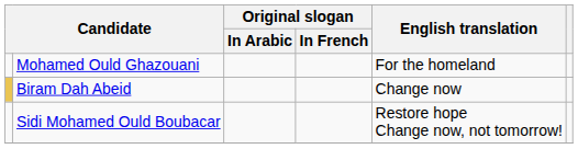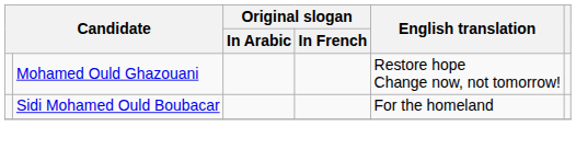 <table class="wikitable" style="text-align:left;">
 <tr>
 <th rowspan="2" colspan="2">Candidate</th>
 <th colspan="2">Original slogan</th>
 <th rowspan="2">English translation</th>
 <th rowspan="2"></th>
 </tr>
 <tr>
 <th>In Arabic</th>
 <th>In French</th>
 </tr>
 <tr>
 <td width="1"></td>
 <td><a href='#'>Mohamed Ould Ghazouani</a></td>
 <td style="text-align:right;"></td>
 <td></td>
-<td>For the homeland</td>
-<td></td>
-</tr>
-<tr>
-<td width="1" bgcolor="eac553"></td>
-<td><a href='#'>Biram Dah Abeid</a></td>
-<td style="text-align:right;"></td>
-<td></td>
-<td>Change now</td>
+<td>Restore hope<br>Change now, not tomorrow!</td>
 <td></td>
 </tr>
 <tr>
 <td width="1"></td>
 <td><a href='#'>Sidi Mohamed Ould Boubacar</a></td>
 <td style="text-align:right;"><br></td>
 <td><br></td>
-<td>Restore hope<br>Change now, not tomorrow!</td>
+<td>For the homeland</td>
 <td></td>
 </tr>
 <tr>
 </tr>
 </table>
